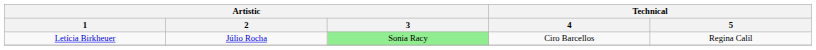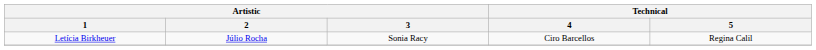 <table class="wikitable" style="font-size:90%; line-height:16px; text-align:center" width="85%">
 <tr>
 <th colspan=3>Artistic</th>
 <th colspan=2>Technical</th>
 </tr>
 <tr>
 <th>1</th>
 <th>2</th>
 <th>3</th>
 <th>4</th>
 <th>5</th>
 </tr>
 <tr>
 <td width=150><a href='#'>Letícia Birkheuer</a></td>
 <td width=150><a href='#'>Júlio Rocha</a></td>
-<td width=150 style="background: lightgreen;">Sonia Racy</td>
+<td width=150>Sonia Racy</td>
 <td width=150>Ciro Barcellos</td>
 <td width=150>Regina Calil</td>
 </tr>
 <tr>
 </tr>
 </table>
